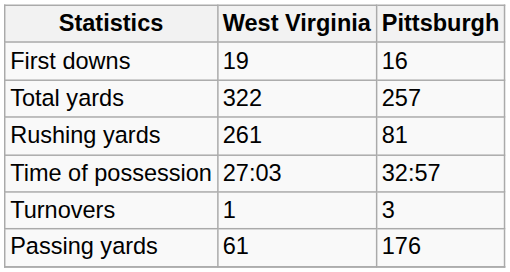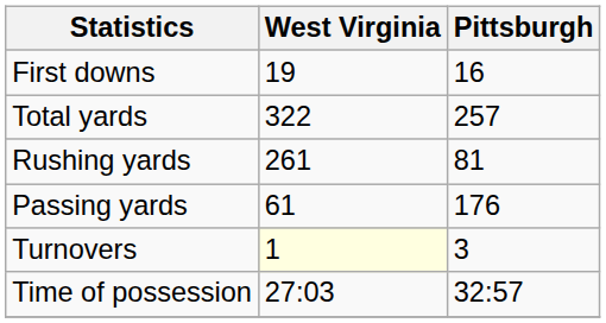 <table class="wikitable" style="float: left;">
 <tr>
 <th>Statistics</th>
 <th>West Virginia</th>
 <th>Pittsburgh</th>
 </tr>
 <tr>
 <td>First downs</td>
 <td>19</td>
 <td>16</td>
 </tr>
 <tr>
 <td>Total yards</td>
 <td>322</td>
 <td>257</td>
 </tr>
 <tr>
 <td>Rushing yards</td>
 <td>261</td>
 <td>81</td>
 </tr>
 <tr>
+<td>Passing yards</td>
+<td>61</td>
+<td>176</td>
+</tr>
+<tr>
+<td>Turnovers</td>
+<td style="background: lightyellow;">1</td>
+<td>3</td>
+</tr>
+<tr>
 <td>Time of possession</td>
 <td>27:03</td>
 <td>32:57</td>
 </tr>
 <tr>
-<td>Turnovers</td>
-<td>1</td>
-<td>3</td>
-</tr>
-<tr>
-<td>Passing yards</td>
-<td>61</td>
-<td>176</td>
-</tr>
-<tr>
 </tr>
 </table>
